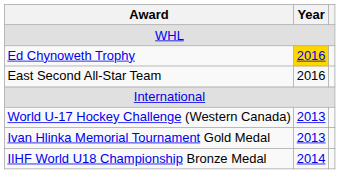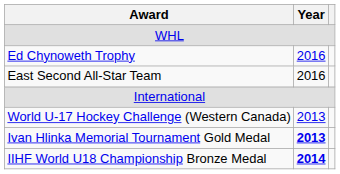 <table class="wikitable">
 <tr>
 <th>Award</th>
 <th>Year</th>
 <th></th>
 </tr>
 <tr ALIGN="center" bgcolor="#e0e0e0">
 <td colspan="3"><a href='#'>WHL</a></td>
 </tr>
 <tr>
 <td><a href='#'>Ed Chynoweth Trophy</a></td>
-<td style="background: gold;"><a href='#'>2016</a></td>
+<td><a href='#'>2016</a></td>
 <td></td>
 </tr>
 <tr>
 <td>East Second All-Star Team</td>
 <td>2016</td>
 <td></td>
 </tr>
 <tr ALIGN="center" bgcolor="#e0e0e0">
 <td colspan="3"><a href='#'>International</a></td>
 </tr>
 <tr>
 <td><a href='#'>World U-17 Hockey Challenge</a> (Western Canada)</td>
 <td><a href='#'>2013</a></td>
 <td></td>
 </tr>
 <tr>
 <td><a href='#'>Ivan Hlinka Memorial Tournament</a> Gold Medal</td>
-<td><a href='#'>2013</a></td>
+<td><strong><a href='#'>2013</a></strong></td>
 <td></td>
 </tr>
 <tr>
 <td><a href='#'>IIHF World U18 Championship</a> Bronze Medal</td>
-<td><a href='#'>2014</a></td>
+<td><strong><a href='#'>2014</a></strong></td>
 <td></td>
 </tr>
 </table>
